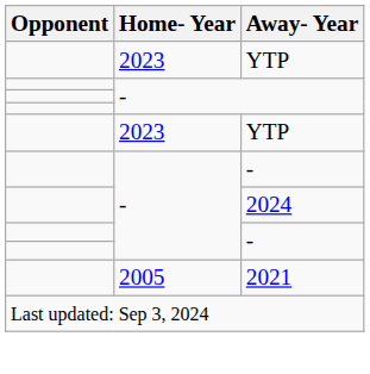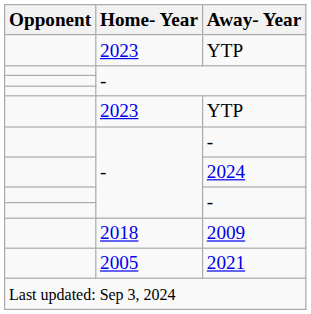 <table class="wikitable plainrowheaders sortable" style=align:center;>
 <tr>
 <th>Opponent</th>
 <th>Home- Year</th>
 <th>Away- Year</th>
 </tr>
 <tr>
 <td></td>
 <td><a href='#'>2023</a></td>
 <td>YTP</td>
 </tr>
 <tr>
 <td></td>
 <td colspan="2" rowspan=3>-</td>
 </tr>
 <tr>
 <td></td>
 </tr>
 <tr>
 <td></td>
 </tr>
 <tr>
 <td></td>
 <td><a href='#'>2023</a></td>
 <td>YTP</td>
 </tr>
 <tr>
 <td></td>
 <td rowspan=4>-</td>
 <td>-</td>
 </tr>
 <tr>
 <td></td>
 <td><a href='#'>2024</a></td>
 </tr>
 <tr>
 <td></td>
 <td rowspan=2>-</td>
 </tr>
 <tr>
 <td></td>
 </tr>
 <tr>
 <td></td>
+<td><a href='#'>2018</a></td>
+<td><a href='#'>2009</a></td>
+</tr>
+<tr>
+<td></td>
 <td><a href='#'>2005</a></td>
 <td><a href='#'>2021</a></td>
 </tr>
 <tr class=sortbottom>
 <td colspan=3><small>Last updated: Sep 3, 2024</small></td>
 </tr>
 </table>
